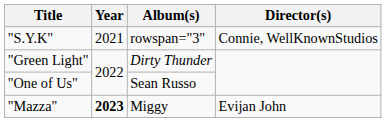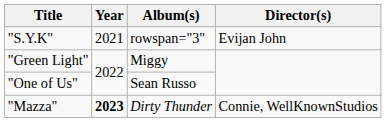 <table class="wikitable">
 <tr>
 <th>Title</th>
 <th>Year</th>
 <th>Album(s)</th>
 <th>Director(s)</th>
 </tr>
 <tr>
 <td>"S.Y.K"</td>
 <td>2021</td>
 <td>rowspan="3"</td>
-<td>Connie, WellKnownStudios</td>
+<td>Evijan John</td>
 </tr>
 <tr>
 <td>"Green Light"</td>
 <td rowspan="2">2022</td>
-<td><em>Dirty Thunder</em></td>
+<td>Miggy</td>
 </tr>
 <tr>
 <td>"One of Us"</td>
 <td>Sean Russo</td>
 </tr>
 <tr>
 <td>"Mazza"<br></td>
 <td><strong>2023</strong></td>
-<td>Miggy</td>
-<td>Evijan John</td>
+<td><em>Dirty Thunder</em></td>
+<td>Connie, WellKnownStudios</td>
 </tr>
 </table>
